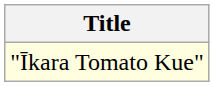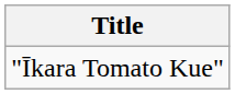 <table class="wikitable">
 <tr>
 <th>Title</th>
 </tr>
 <tr>
-<td style="background: lightyellow;">"Īkara Tomato Kue"</td>
+<td>"Īkara Tomato Kue"</td>
 </tr>
 </table>
